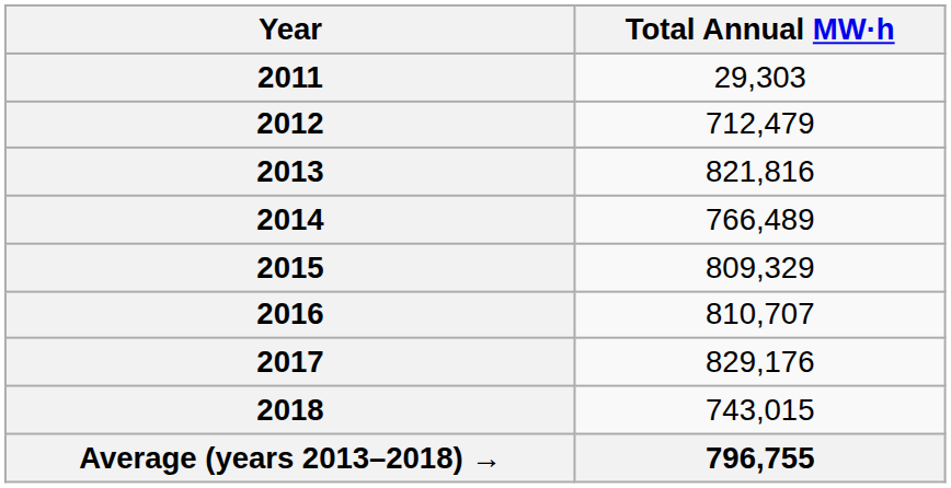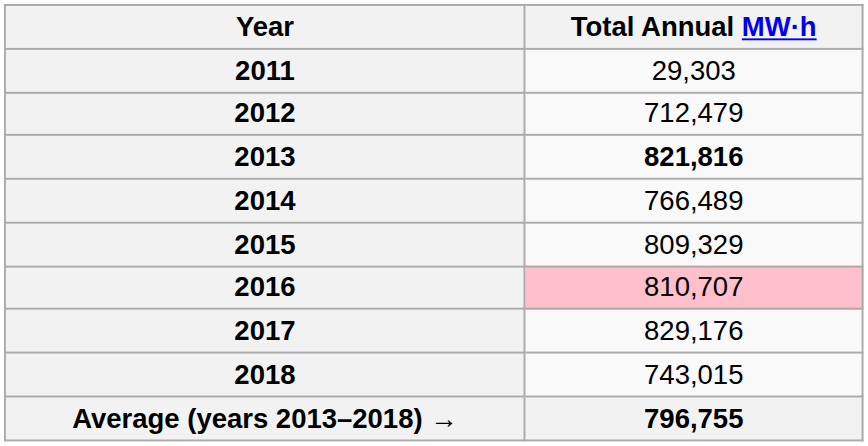 <table class=wikitable float=left style="text-align:center; font-size:0.9em; width:450px;">
 <tr>
 <th>Year</th>
 <th>Total Annual <a href='#'>MW·h</a></th>
 </tr>
 <tr>
 <th>2011</th>
 <td>29,303</td>
 </tr>
 <tr>
 <th>2012</th>
 <td>712,479</td>
 </tr>
 <tr>
 <th>2013</th>
-<td>821,816</td>
+<td><strong>821,816</strong></td>
 </tr>
 <tr>
 <th>2014</th>
 <td>766,489</td>
 </tr>
 <tr>
 <th>2015</th>
 <td>809,329</td>
 </tr>
 <tr>
 <th>2016</th>
-<td>810,707</td>
+<td style="background: pink;">810,707</td>
 </tr>
 <tr>
 <th>2017</th>
 <td>829,176</td>
 </tr>
 <tr>
 <th>2018</th>
 <td>743,015</td>
 </tr>
 <tr>
 <th>Average (years 2013–2018) →</th>
 <th>796,755</th>
 </tr>
 </table>
